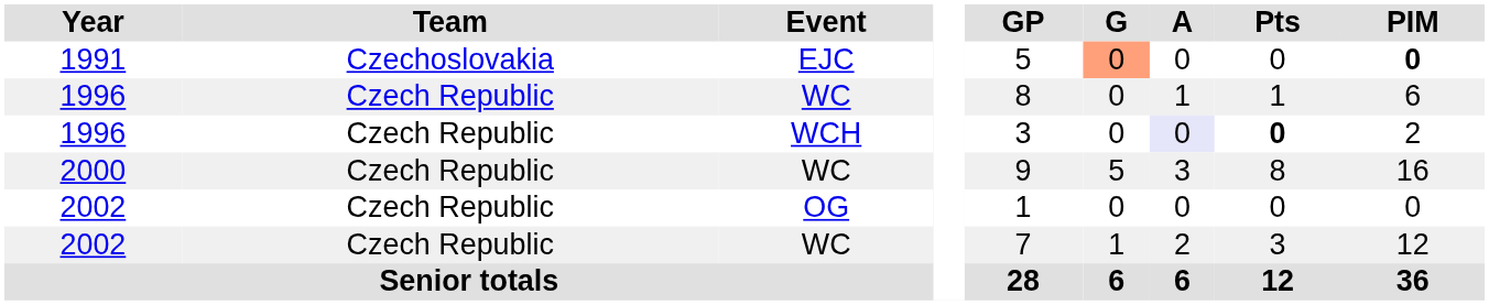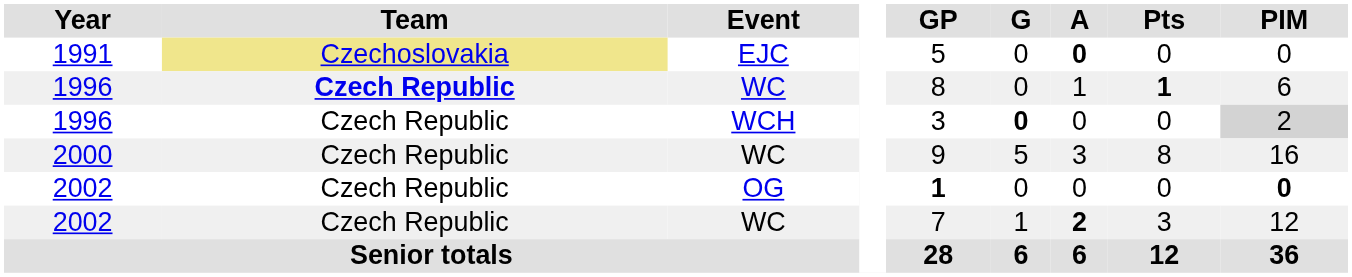 <table border="0" cellpadding="1" cellspacing="0" style="text-align:center; width:50em">
 <tr ALIGN="center" bgcolor="#e0e0e0">
 <th>Year</th>
 <th>Team</th>
 <th>Event</th>
 <th ALIGN="center" rowspan="99" bgcolor="#ffffff"> </th>
 <th>GP</th>
 <th>G</th>
 <th>A</th>
 <th>Pts</th>
 <th>PIM</th>
 </tr>
 <tr>
 <td><a href='#'>1991</a></td>
-<td><a href='#'>Czechoslovakia</a></td>
+<td style="background: khaki;"><a href='#'>Czechoslovakia</a></td>
 <td><a href='#'>EJC</a></td>
 <td>5</td>
-<td style="background: lightsalmon;">0</td>
+<td>0</td>
+<td><strong>0</strong></td>
 <td>0</td>
 <td>0</td>
-<td><strong>0</strong></td>
 </tr>
 <tr bgcolor="#f0f0f0">
 <td><a href='#'>1996</a></td>
-<td><a href='#'>Czech Republic</a></td>
+<td><strong><a href='#'>Czech Republic</a></strong></td>
 <td><a href='#'>WC</a></td>
 <td>8</td>
 <td>0</td>
 <td>1</td>
-<td>1</td>
+<td><strong>1</strong></td>
 <td>6</td>
 </tr>
 <tr>
 <td><a href='#'>1996</a></td>
 <td>Czech Republic</td>
 <td><a href='#'>WCH</a></td>
 <td>3</td>
+<td><strong>0</strong></td>
 <td>0</td>
-<td style="background: lavender;">0</td>
-<td><strong>0</strong></td>
-<td>2</td>
+<td>0</td>
+<td style="background: lightgrey;">2</td>
 </tr>
 <tr bgcolor="#f0f0f0">
 <td><a href='#'>2000</a></td>
 <td>Czech Republic</td>
 <td>WC</td>
 <td>9</td>
 <td>5</td>
 <td>3</td>
 <td>8</td>
 <td>16</td>
 </tr>
 <tr>
 <td><a href='#'>2002</a></td>
 <td>Czech Republic</td>
 <td><a href='#'>OG</a></td>
-<td>1</td>
+<td><strong>1</strong></td>
 <td>0</td>
 <td>0</td>
 <td>0</td>
-<td>0</td>
+<td><strong>0</strong></td>
 </tr>
 <tr bgcolor="#f0f0f0">
 <td><a href='#'>2002</a></td>
 <td>Czech Republic</td>
 <td>WC</td>
 <td>7</td>
 <td>1</td>
-<td>2</td>
+<td><strong>2</strong></td>
 <td>3</td>
 <td>12</td>
 </tr>
 <tr>
 </tr>
 <tr bgcolor="#e0e0e0">
 <th colspan=3>Senior totals</th>
 <th>28</th>
 <th>6</th>
 <th>6</th>
 <th>12</th>
 <th>36</th>
 </tr>
 </table>
